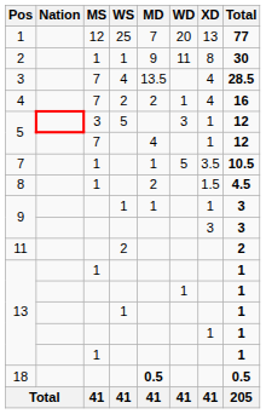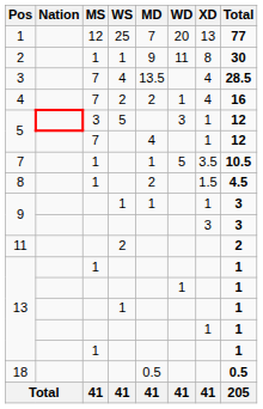 <table class="wikitable" style="text-align:center">
 <tr>
 <th width="20">Pos</th>
 <th>Nation</th>
 <th width="20">MS</th>
 <th width="20">WS</th>
 <th width="20">MD</th>
 <th width="20">WD</th>
 <th width="20">XD</th>
 <th>Total</th>
 </tr>
 <tr>
 <td>1</td>
 <td align=left></td>
 <td>12</td>
 <td>25</td>
 <td>7</td>
 <td>20</td>
 <td>13</td>
 <td><strong>77</strong></td>
 </tr>
 <tr>
 <td>2</td>
 <td align=left></td>
 <td>1</td>
 <td>1</td>
 <td>9</td>
 <td>11</td>
 <td>8</td>
 <td><strong>30</strong></td>
 </tr>
 <tr>
 <td>3</td>
 <td align=left></td>
 <td>7</td>
 <td>4</td>
 <td>13.5</td>
 <td></td>
 <td>4</td>
 <td><strong>28.5</strong></td>
 </tr>
 <tr>
 <td>4</td>
 <td align=left></td>
 <td>7</td>
 <td>2</td>
 <td>2</td>
 <td>1</td>
 <td>4</td>
 <td><strong>16</strong></td>
 </tr>
 <tr>
 <td rowspan="2">5</td>
 <td style="border: 3px solid red" align=left></td>
 <td>3</td>
 <td>5</td>
 <td></td>
 <td>3</td>
 <td>1</td>
 <td><strong>12</strong></td>
 </tr>
 <tr>
 <td align="left"></td>
 <td>7</td>
 <td></td>
 <td>4</td>
 <td></td>
 <td>1</td>
 <td><strong>12</strong></td>
 </tr>
 <tr>
 <td>7</td>
 <td align=left></td>
 <td>1</td>
 <td></td>
 <td>1</td>
 <td>5</td>
 <td>3.5</td>
 <td><strong>10.5</strong></td>
 </tr>
 <tr>
 <td>8</td>
 <td align=left></td>
 <td>1</td>
 <td></td>
 <td>2</td>
 <td></td>
 <td>1.5</td>
 <td><strong>4.5</strong></td>
 </tr>
 <tr>
 <td rowspan="2">9</td>
 <td align="left"></td>
 <td></td>
 <td>1</td>
 <td>1</td>
 <td></td>
 <td>1</td>
 <td><strong>3</strong></td>
 </tr>
 <tr>
 <td align=left></td>
 <td></td>
 <td></td>
 <td></td>
 <td></td>
 <td>3</td>
 <td><strong>3</strong></td>
 </tr>
 <tr>
 <td>11</td>
 <td align="left"></td>
 <td></td>
 <td>2</td>
 <td></td>
 <td></td>
 <td></td>
 <td><strong>2</strong></td>
 </tr>
 <tr>
 <td rowspan=5>13</td>
 <td align=left></td>
 <td>1</td>
 <td></td>
 <td></td>
 <td></td>
 <td></td>
 <td><strong>1</strong></td>
 </tr>
 <tr>
 <td align=left></td>
 <td></td>
 <td></td>
 <td></td>
 <td>1</td>
 <td></td>
 <td><strong>1</strong></td>
 </tr>
 <tr>
 <td align=left></td>
 <td></td>
 <td>1</td>
 <td></td>
 <td></td>
 <td></td>
 <td><strong>1</strong></td>
 </tr>
 <tr>
 <td align=left></td>
 <td></td>
 <td></td>
 <td></td>
 <td></td>
 <td>1</td>
 <td><strong>1</strong></td>
 </tr>
 <tr>
 <td align=left></td>
 <td>1</td>
 <td></td>
 <td></td>
 <td></td>
 <td></td>
 <td><strong>1</strong></td>
 </tr>
 <tr>
 <td>18</td>
 <td align=left></td>
 <td></td>
 <td></td>
-<td><strong>0.5</strong></td>
+<td>0.5</td>
 <td></td>
 <td></td>
 <td><strong>0.5</strong></td>
 </tr>
 <tr>
 <th colspan="2" align=left>Total</th>
 <th>41</th>
 <th>41</th>
 <th>41</th>
 <th>41</th>
 <th>41</th>
 <th>205</th>
 </tr>
 </table>
